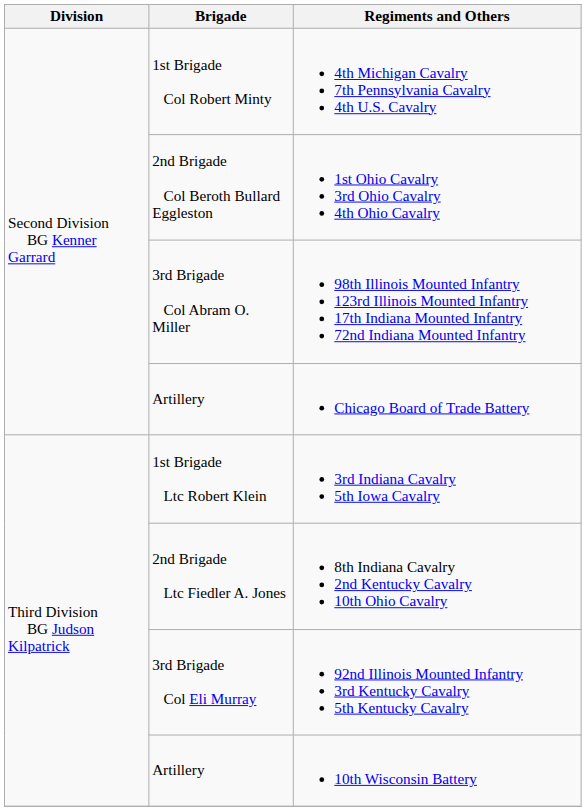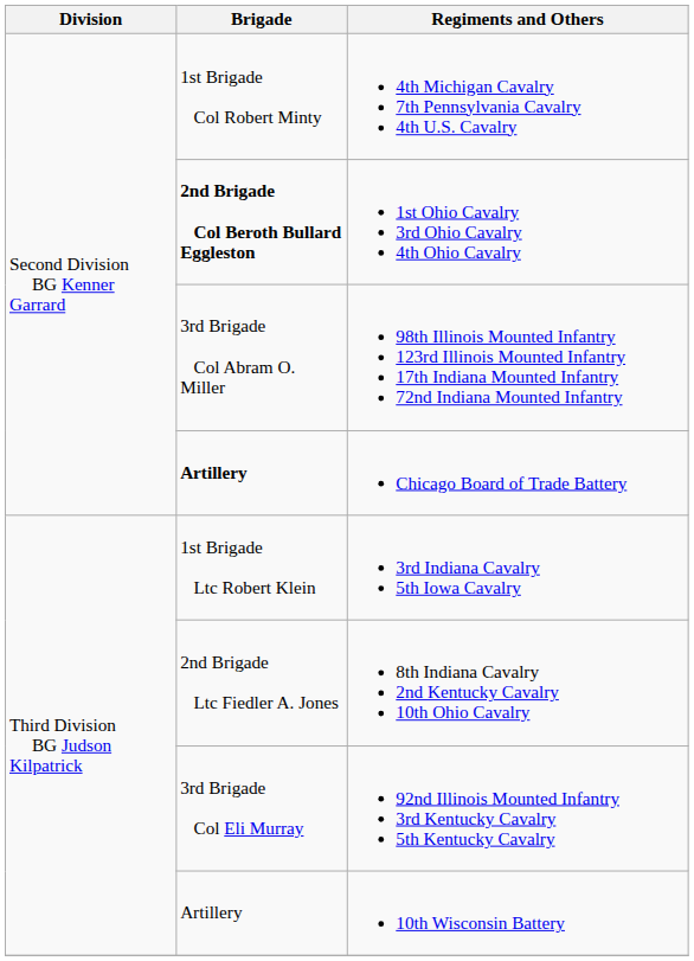 <table class="wikitable">
 <tr>
 <th width=25%>Division</th>
 <th width=25%>Brigade</th>
 <th>Regiments and Others</th>
 </tr>
 <tr>
 <td rowspan=4><br>Second Division <br>     BG <a href='#'>Kenner Garrard</a></td>
 <td>1st Brigade<br><br>   Col Robert Minty</td>
 <td><br><ul><li><a href='#'>4th Michigan Cavalry</a></li><li><a href='#'>7th Pennsylvania Cavalry</a></li><li><a href='#'>4th U.S. Cavalry</a></li></ul></td>
 </tr>
 <tr>
-<td>2nd Brigade<br><br>   Col Beroth Bullard Eggleston</td>
+<td><strong>2nd Brigade<br><br>   Col Beroth Bullard Eggleston</strong></td>
 <td><br><ul><li><a href='#'>1st Ohio Cavalry</a></li><li><a href='#'>3rd Ohio Cavalry</a></li><li><a href='#'>4th Ohio Cavalry</a></li></ul></td>
 </tr>
 <tr>
 <td>3rd Brigade<br><br>   Col Abram O. Miller</td>
 <td><br><ul><li><a href='#'>98th Illinois Mounted Infantry</a></li><li><a href='#'>123rd Illinois Mounted Infantry</a></li><li><a href='#'>17th Indiana Mounted Infantry</a></li><li><a href='#'>72nd Indiana Mounted Infantry</a></li></ul></td>
 </tr>
 <tr>
-<td>Artillery</td>
+<td><strong>Artillery</strong></td>
 <td><br><ul><li><a href='#'>Chicago Board of Trade Battery</a></li></ul></td>
 </tr>
 <tr>
 <td rowspan=4><br>Third Division <br>     BG <a href='#'>Judson Kilpatrick</a><br></td>
 <td>1st Brigade<br><br>   Ltc Robert Klein</td>
 <td><br><ul><li><a href='#'>3rd Indiana Cavalry</a></li><li><a href='#'>5th Iowa Cavalry</a></li></ul></td>
 </tr>
 <tr>
 <td>2nd Brigade<br><br>   Ltc Fiedler A. Jones</td>
 <td><br><ul><li>8th Indiana Cavalry</li><li><a href='#'>2nd Kentucky Cavalry</a></li><li><a href='#'>10th Ohio Cavalry</a></li></ul></td>
 </tr>
 <tr>
 <td>3rd Brigade<br><br>   Col <a href='#'>Eli Murray</a></td>
 <td><br><ul><li><a href='#'>92nd Illinois Mounted Infantry</a></li><li><a href='#'>3rd Kentucky Cavalry</a></li><li><a href='#'>5th Kentucky Cavalry</a></li></ul></td>
 </tr>
 <tr>
 <td>Artillery</td>
 <td><br><ul><li><a href='#'>10th Wisconsin Battery</a></li></ul></td>
 </tr>
 <tr>
 </tr>
 </table>
